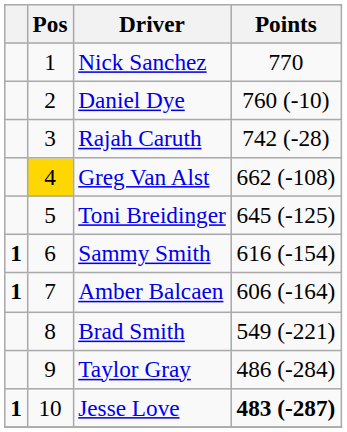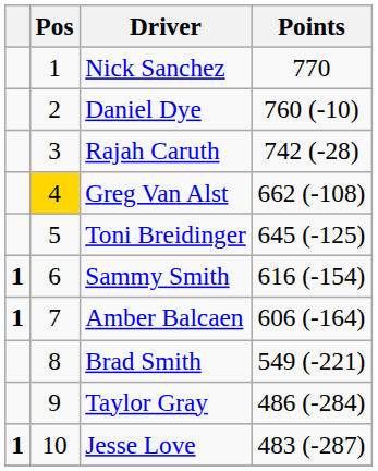 <table class="wikitable" style="font-size: 95%;">
 <tr>
 <th></th>
 <th>Pos</th>
 <th>Driver</th>
 <th>Points</th>
 </tr>
 <tr>
 <td align="left"></td>
 <td style="text-align:center;">1</td>
 <td><a href='#'>Nick Sanchez</a></td>
 <td style="text-align:center;">770</td>
 </tr>
 <tr>
 <td align="left"></td>
 <td style="text-align:center;">2</td>
 <td><a href='#'>Daniel Dye</a></td>
 <td style="text-align:center;">760 (-10)</td>
 </tr>
 <tr>
 <td align="left"></td>
 <td style="text-align:center;">3</td>
 <td><a href='#'>Rajah Caruth</a></td>
 <td style="text-align:center;">742 (-28)</td>
 </tr>
 <tr>
 <td align="left"></td>
 <td style="background: gold; text-align:center;">4</td>
 <td><a href='#'>Greg Van Alst</a></td>
 <td style="text-align:center;">662 (-108)</td>
 </tr>
 <tr>
 <td align="left"></td>
 <td style="text-align:center;">5</td>
 <td><a href='#'>Toni Breidinger</a></td>
 <td style="text-align:center;">645 (-125)</td>
 </tr>
 <tr>
 <td align="left"> <strong>1</strong></td>
 <td style="text-align:center;">6</td>
 <td><a href='#'>Sammy Smith</a></td>
 <td style="text-align:center;">616 (-154)</td>
 </tr>
 <tr>
 <td align="left"> <strong>1</strong></td>
 <td style="text-align:center;">7</td>
 <td><a href='#'>Amber Balcaen</a></td>
 <td style="text-align:center;">606 (-164)</td>
 </tr>
 <tr>
 <td align="left"></td>
 <td style="text-align:center;">8</td>
 <td><a href='#'>Brad Smith</a></td>
 <td style="text-align:center;">549 (-221)</td>
 </tr>
 <tr>
 <td align="left"></td>
 <td style="text-align:center;">9</td>
 <td><a href='#'>Taylor Gray</a></td>
 <td style="text-align:center;">486 (-284)</td>
 </tr>
 <tr>
 <td align="left"> <strong>1</strong></td>
 <td style="text-align:center;">10</td>
 <td><a href='#'>Jesse Love</a></td>
-<td style="text-align:center;"><strong>483 (-287)</strong></td>
+<td style="text-align:center;">483 (-287)</td>
 </tr>
 <tr class="sortbottom">
 </tr>
 </table>
